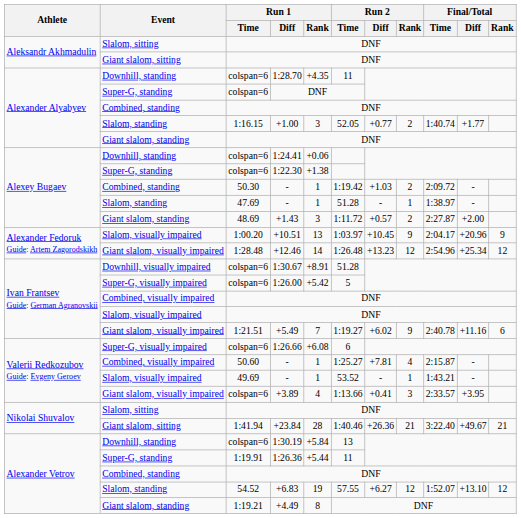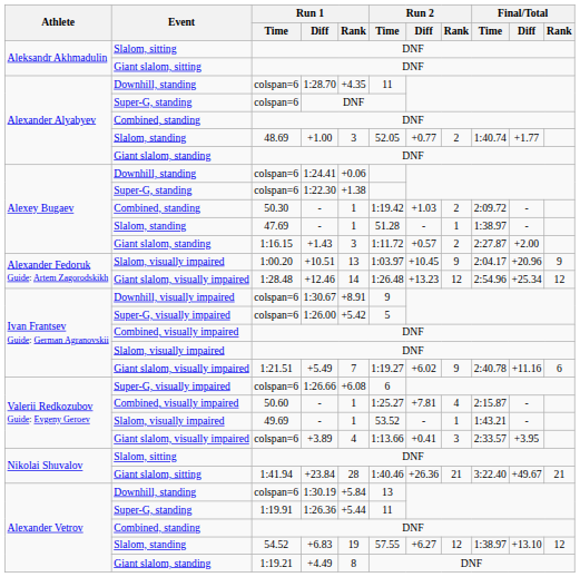 <table class="wikitable" style="font-size:90%">
 <tr>
 <th rowspan="2">Athlete</th>
 <th rowspan="2">Event</th>
 <th colspan="3">Run 1</th>
 <th colspan="3">Run 2</th>
 <th colspan="3">Final/Total</th>
 </tr>
 <tr>
 <th>Time</th>
 <th>Diff</th>
 <th>Rank</th>
 <th>Time</th>
 <th>Diff</th>
 <th>Rank</th>
 <th>Time</th>
 <th>Diff</th>
 <th>Rank</th>
 </tr>
 <tr>
 <td rowspan=2><a href='#'>Aleksandr Akhmadulin</a></td>
 <td><a href='#'>Slalom, sitting</a></td>
 <td align="center" colspan=9>DNF</td>
 </tr>
 <tr>
 <td><a href='#'>Giant slalom, sitting</a></td>
 <td align="center" colspan=9>DNF</td>
 </tr>
 <tr>
 <td rowspan=5><a href='#'>Alexander Alyabyev</a></td>
 <td><a href='#'>Downhill, standing</a></td>
 <td>colspan=6 </td>
 <td align="center">1:28.70</td>
 <td align="center">+4.35</td>
 <td align="center">11</td>
 </tr>
 <tr>
 <td><a href='#'>Super-G, standing</a></td>
 <td>colspan=6 </td>
 <td align="center" colspan=3>DNF</td>
 </tr>
 <tr>
 <td><a href='#'>Combined, standing</a></td>
 <td align="center" colspan=9>DNF</td>
 </tr>
 <tr>
 <td><a href='#'>Slalom, standing</a></td>
-<td align="center">1:16.15</td>
+<td align="center">48.69</td>
 <td align="center">+1.00</td>
 <td align="center">3</td>
 <td align="center">52.05</td>
 <td align="center">+0.77</td>
 <td align="center">2</td>
 <td align="center">1:40.74</td>
 <td align="center">+1.77</td>
 <td align="center"></td>
 </tr>
 <tr>
 <td><a href='#'>Giant slalom, standing</a></td>
 <td align="center" colspan=9>DNF</td>
 </tr>
 <tr>
 <td rowspan=5><a href='#'>Alexey Bugaev</a></td>
 <td><a href='#'>Downhill, standing</a></td>
 <td>colspan=6 </td>
 <td align="center">1:24.41</td>
 <td align="center">+0.06</td>
 <td align="center"></td>
 </tr>
 <tr>
 <td><a href='#'>Super-G, standing</a></td>
 <td>colspan=6 </td>
 <td align="center">1:22.30</td>
 <td align="center">+1.38</td>
 <td align="center"></td>
 </tr>
 <tr>
 <td><a href='#'>Combined, standing</a></td>
 <td align="center">50.30</td>
 <td align="center">-</td>
 <td align="center">1</td>
 <td align="center">1:19.42</td>
 <td align="center">+1.03</td>
 <td align="center">2</td>
 <td align="center">2:09.72</td>
 <td align="center">-</td>
 <td align="center"></td>
 </tr>
 <tr>
 <td><a href='#'>Slalom, standing</a></td>
 <td align="center">47.69</td>
 <td align="center">-</td>
 <td align="center">1</td>
 <td align="center">51.28</td>
 <td align="center">-</td>
 <td align="center">1</td>
 <td align="center">1:38.97</td>
 <td align="center">-</td>
 <td align="center"></td>
 </tr>
 <tr>
 <td><a href='#'>Giant slalom, standing</a></td>
-<td align="center">48.69</td>
+<td align="center">1:16.15</td>
 <td align="center">+1.43</td>
 <td align="center">3</td>
 <td align="center">1:11.72</td>
 <td align="center">+0.57</td>
 <td align="center">2</td>
 <td align="center">2:27.87</td>
 <td align="center">+2.00</td>
 <td align="center"></td>
 </tr>
 <tr>
 <td rowspan=2><a href='#'>Alexander Fedoruk</a><br><small><a href='#'>Guide</a>: <a href='#'>Artem Zagorodskikh</a></small></td>
 <td><a href='#'>Slalom, visually impaired</a></td>
 <td align="center">1:00.20</td>
 <td align="center">+10.51</td>
 <td align="center">13</td>
 <td align="center">1:03.97</td>
 <td align="center">+10.45</td>
 <td align="center">9</td>
 <td align="center">2:04.17</td>
 <td align="center">+20.96</td>
 <td align="center">9</td>
 </tr>
 <tr>
 <td><a href='#'>Giant slalom, visually impaired</a></td>
 <td align="center">1:28.48</td>
 <td align="center">+12.46</td>
 <td align="center">14</td>
 <td align="center">1:26.48</td>
 <td align="center">+13.23</td>
 <td align="center">12</td>
 <td align="center">2:54.96</td>
 <td align="center">+25.34</td>
 <td align="center">12</td>
 </tr>
 <tr>
 <td rowspan=5><a href='#'>Ivan Frantsev</a><br><small><a href='#'>Guide</a>: <a href='#'>German Agranovskii</a></small></td>
 <td><a href='#'>Downhill, visually impaired</a></td>
 <td>colspan=6 </td>
 <td align="center">1:30.67</td>
 <td align="center">+8.91</td>
-<td align="center">51.28</td>
+<td align="center">9</td>
 </tr>
 <tr>
 <td><a href='#'>Super-G, visually impaired</a></td>
 <td>colspan=6 </td>
 <td align="center">1:26.00</td>
 <td align="center">+5.42</td>
 <td align="center">5</td>
 </tr>
 <tr>
 <td><a href='#'>Combined, visually impaired</a></td>
 <td align="center" colspan=9>DNF</td>
 </tr>
 <tr>
 <td><a href='#'>Slalom, visually impaired</a></td>
 <td align="center" colspan=9>DNF</td>
 </tr>
 <tr>
 <td><a href='#'>Giant slalom, visually impaired</a></td>
 <td align="center">1:21.51</td>
 <td align="center">+5.49</td>
 <td align="center">7</td>
 <td align="center">1:19.27</td>
 <td align="center">+6.02</td>
 <td align="center">9</td>
 <td align="center">2:40.78</td>
 <td align="center">+11.16</td>
 <td align="center">6</td>
 </tr>
 <tr>
 <td rowspan=4><a href='#'>Valerii Redkozubov</a><br><small><a href='#'>Guide</a>: <a href='#'>Evgeny Geroev</a></small></td>
 <td><a href='#'>Super-G, visually impaired</a></td>
 <td>colspan=6 </td>
 <td align="center">1:26.66</td>
 <td align="center">+6.08</td>
 <td align="center">6</td>
 </tr>
 <tr>
 <td><a href='#'>Combined, visually impaired</a></td>
 <td align="center">50.60</td>
 <td align="center">-</td>
 <td align="center">1</td>
 <td align="center">1:25.27</td>
 <td align="center">+7.81</td>
 <td align="center">4</td>
 <td align="center">2:15.87</td>
 <td align="center">-</td>
 <td align="center"></td>
 </tr>
 <tr>
 <td><a href='#'>Slalom, visually impaired</a></td>
 <td align="center">49.69</td>
 <td align="center">-</td>
 <td align="center">1</td>
 <td align="center">53.52</td>
 <td align="center">-</td>
 <td align="center">1</td>
 <td align="center">1:43.21</td>
 <td align="center">-</td>
 <td align="center"></td>
 </tr>
 <tr>
 <td><a href='#'>Giant slalom, visually impaired</a></td>
 <td>colspan=6 </td>
 <td align="center">+3.89</td>
 <td align="center">4</td>
 <td align="center">1:13.66</td>
 <td align="center">+0.41</td>
 <td align="center">3</td>
 <td align="center">2:33.57</td>
 <td align="center">+3.95</td>
 <td align="center"></td>
 </tr>
 <tr>
 <td rowspan=2><a href='#'>Nikolai Shuvalov</a></td>
 <td><a href='#'>Slalom, sitting</a></td>
 <td align="center" colspan=9>DNF</td>
 </tr>
 <tr>
 <td><a href='#'>Giant slalom, sitting</a></td>
 <td align="center">1:41.94</td>
 <td align="center">+23.84</td>
 <td align="center">28</td>
 <td align="center">1:40.46</td>
 <td align="center">+26.36</td>
 <td align="center">21</td>
 <td align="center">3:22.40</td>
 <td align="center">+49.67</td>
 <td align="center">21</td>
 </tr>
 <tr>
 <td rowspan=5><a href='#'>Alexander Vetrov</a></td>
 <td><a href='#'>Downhill, standing</a></td>
 <td>colspan=6 </td>
 <td align="center">1:30.19</td>
 <td align="center">+5.84</td>
 <td align="center">13</td>
 </tr>
 <tr>
 <td><a href='#'>Super-G, standing</a></td>
 <td align="center">1:19.91</td>
 <td align="center">1:26.36</td>
 <td align="center">+5.44</td>
 <td align="center">11</td>
 </tr>
 <tr>
 <td><a href='#'>Combined, standing</a></td>
 <td align="center" colspan=9>DNF</td>
 </tr>
 <tr>
 <td><a href='#'>Slalom, standing</a></td>
 <td align="center">54.52</td>
 <td align="center">+6.83</td>
 <td align="center">19</td>
 <td align="center">57.55</td>
 <td align="center">+6.27</td>
 <td align="center">12</td>
-<td align="center">1:52.07</td>
+<td align="center">1:38.97</td>
 <td align="center">+13.10</td>
 <td align="center">12</td>
 </tr>
 <tr>
 <td><a href='#'>Giant slalom, standing</a></td>
 <td align="center">1:19.21</td>
 <td align="center">+4.49</td>
 <td align="center">8</td>
 <td align="center" colspan=6>DNF</td>
 </tr>
 </table>
